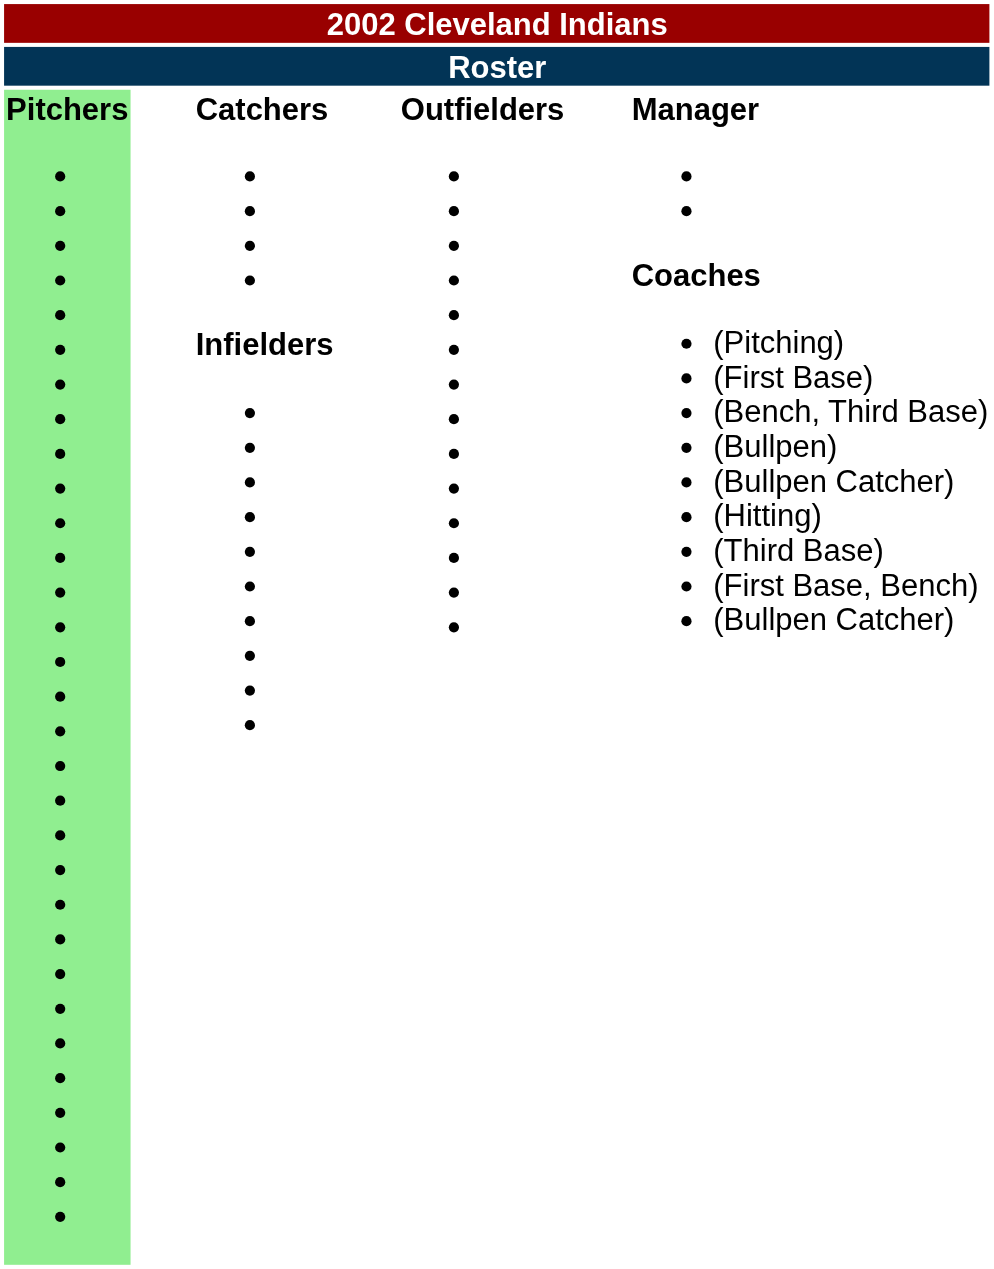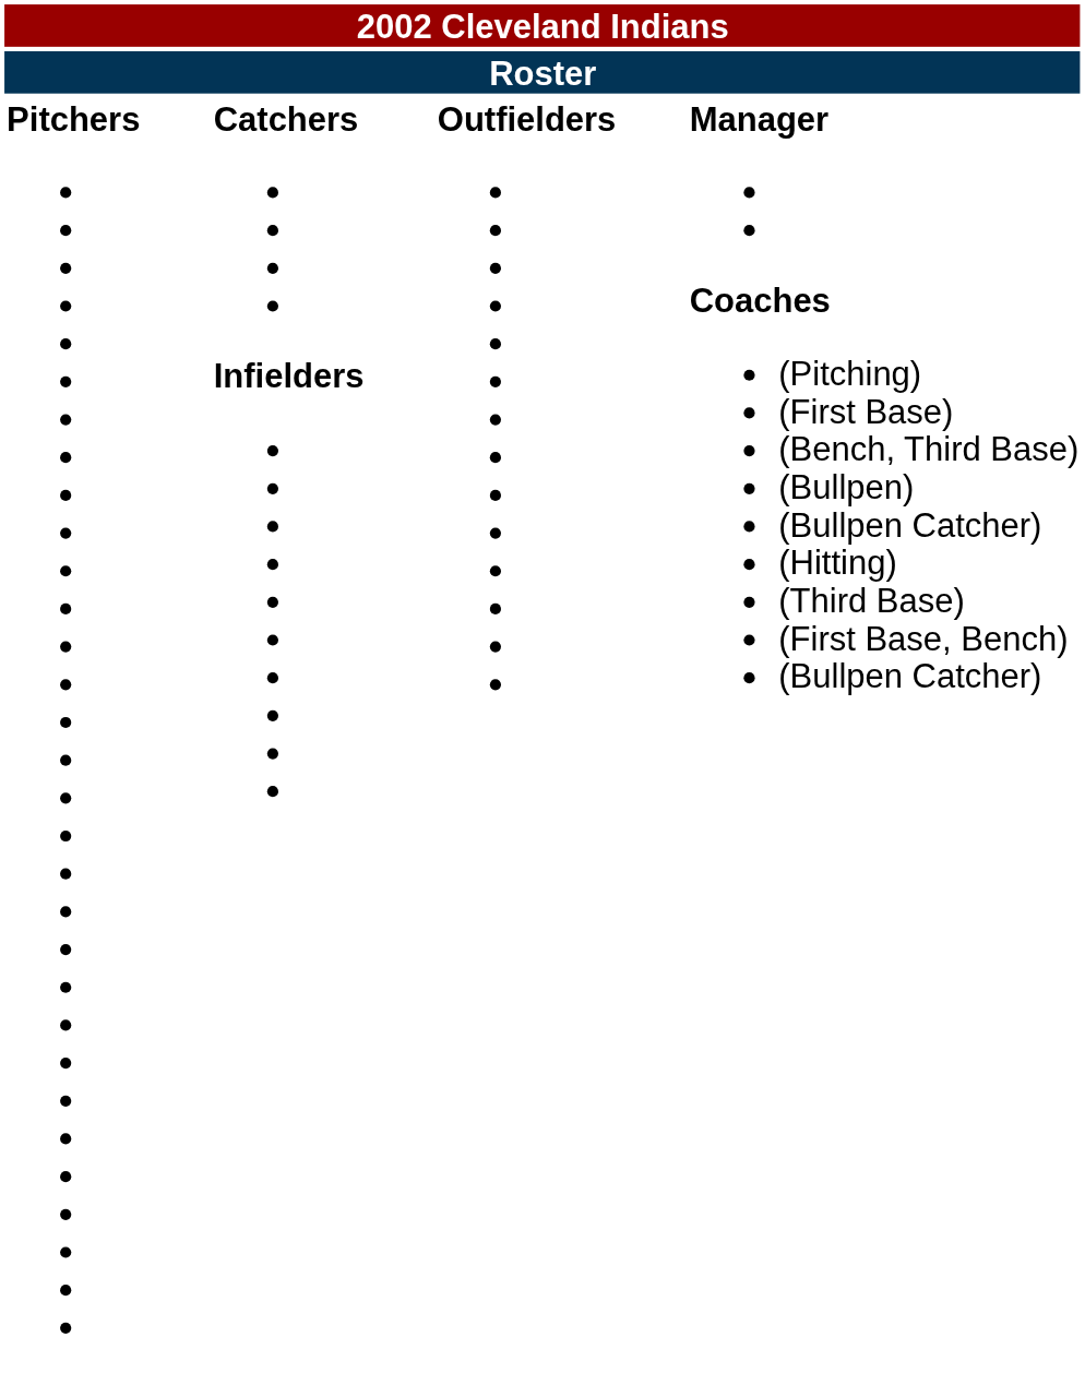 <table class="toccolours" style="font-size: 95%;">
 <tr>
 <th colspan="10" style="background-color: #990000; color: white; text-align: center;">2002 Cleveland Indians</th>
 </tr>
 <tr>
 <td colspan="10" style="background-color: #023456; color: #FFFFFF; text-align: center;"><strong>Roster</strong></td>
 </tr>
 <tr>
-<td valign="top" style="background: lightgreen;"><strong>Pitchers</strong><br><ul><li></li><li></li><li></li><li></li><li></li><li></li><li></li><li></li><li></li><li></li><li></li><li></li><li></li><li></li><li></li><li></li><li></li><li></li><li></li><li></li><li></li><li></li><li></li><li></li><li></li><li></li><li></li><li></li><li></li><li></li><li></li></ul></td>
+<td valign="top"><strong>Pitchers</strong><br><ul><li></li><li></li><li></li><li></li><li></li><li></li><li></li><li></li><li></li><li></li><li></li><li></li><li></li><li></li><li></li><li></li><li></li><li></li><li></li><li></li><li></li><li></li><li></li><li></li><li></li><li></li><li></li><li></li><li></li><li></li><li></li></ul></td>
 <td width="25px"></td>
 <td valign="top"><strong>Catchers</strong><br><ul><li></li><li></li><li></li><li></li></ul><strong>Infielders</strong><ul><li></li><li></li><li></li><li></li><li></li><li></li><li></li><li></li><li></li><li></li></ul></td>
 <td width="25px"></td>
 <td valign="top"><strong>Outfielders</strong><br><ul><li></li><li></li><li></li><li></li><li></li><li></li><li></li><li></li><li></li><li></li><li></li><li></li><li></li><li></li></ul></td>
 <td width="25px"></td>
 <td valign="top"><strong>Manager</strong><br><ul><li></li><li></li></ul><strong>Coaches</strong><ul><li> (Pitching)</li><li> (First Base)</li><li> (Bench, Third Base)</li><li> (Bullpen)</li><li> (Bullpen Catcher)</li><li> (Hitting)</li><li> (Third Base)</li><li> (First Base, Bench)</li><li> (Bullpen Catcher)</li></ul></td>
 </tr>
 </table>
